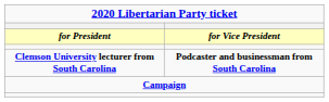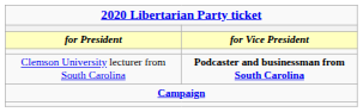 <table class="wikitable" style="font-size:90%; text-align:center">
 <tr>
 <td colspan=2><big><strong><a href='#'>2020 Libertarian Party ticket</a></strong></big></td>
 </tr>
 <tr>
 <th style="font-size:135%; background:"></th>
 <th style="font-size:135%; background:"></th>
 </tr>
 <tr style="color:#000; font-size:100%; background:#ffffbf">
 <td><strong><em>for President</em></strong></td>
 <td><strong><em>for Vice President</em></strong></td>
 </tr>
 <tr>
 <td></td>
 <td></td>
 </tr>
 <tr>
-<td style=width:16em><strong><a href='#'>Clemson University</a> lecturer from <a href='#'>South Carolina</a></strong></td>
+<td style=width:16em><a href='#'>Clemson University</a> lecturer from <a href='#'>South Carolina</a></td>
 <td style=width:16em><strong>Podcaster and businessman from <a href='#'>South Carolina</a></strong></td>
 </tr>
 <tr>
 <td colspan=2><a href='#'><strong>Campaign</strong></a></td>
 </tr>
 <tr>
 <td colspan=2></td>
 </tr>
 </table>
